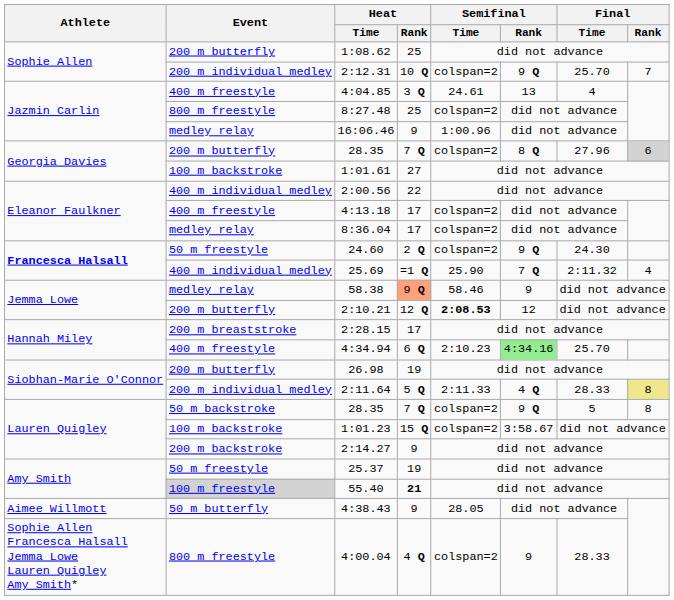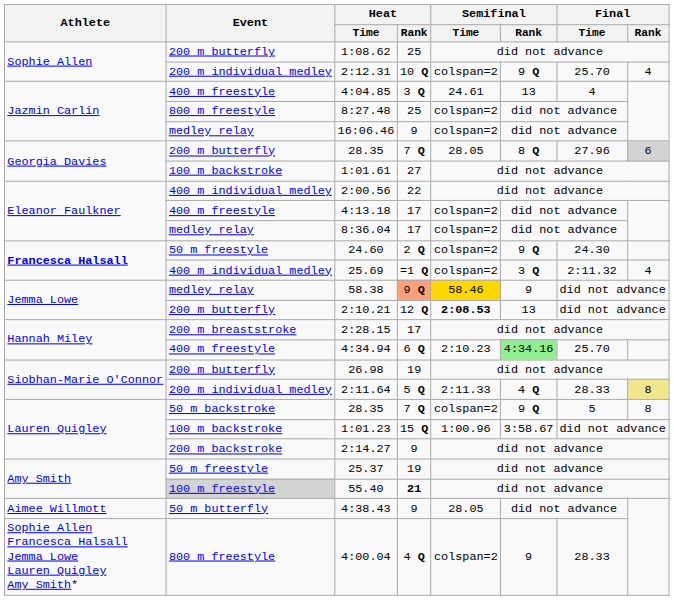 <table class=wikitable style="font-size:90%">
 <tr>
 <th rowspan="2">Athlete</th>
 <th rowspan="2">Event</th>
 <th colspan="2">Heat</th>
 <th colspan="2">Semifinal</th>
 <th colspan="2">Final</th>
 </tr>
 <tr style="font-size:95%">
 <th>Time</th>
 <th>Rank</th>
 <th>Time</th>
 <th>Rank</th>
 <th>Time</th>
 <th>Rank</th>
 </tr>
 <tr align=center>
 <td align=left rowspan=2><a href='#'>Sophie Allen</a></td>
 <td align=left><a href='#'>200 m butterfly</a></td>
 <td>1:08.62</td>
 <td>25</td>
 <td colspan=4>did not advance</td>
 </tr>
 <tr align=center>
 <td align=left><a href='#'>200 m individual medley</a></td>
 <td>2:12.31</td>
 <td>10 <strong>Q</strong></td>
 <td>colspan=2 </td>
 <td>9 <strong>Q</strong></td>
 <td>25.70</td>
-<td>7</td>
+<td>4</td>
 </tr>
 <tr align=center>
 <td align=left rowspan=3><a href='#'>Jazmin Carlin</a></td>
 <td align=left><a href='#'>400 m freestyle</a></td>
 <td>4:04.85</td>
 <td>3 <strong>Q</strong></td>
 <td>24.61</td>
 <td>13</td>
 <td>4</td>
 </tr>
 <tr align=center>
 <td align=left><a href='#'>800 m freestyle</a></td>
 <td>8:27.48</td>
 <td>25</td>
 <td>colspan=2 </td>
 <td colspan=2>did not advance</td>
 </tr>
 <tr align=center>
 <td align=left><a href='#'> medley relay</a></td>
 <td>16:06.46</td>
 <td>9</td>
-<td>1:00.96</td>
+<td>colspan=2 </td>
 <td colspan=2>did not advance</td>
 </tr>
 <tr align=center>
 <td align=left rowspan=2><a href='#'>Georgia Davies</a></td>
 <td align=left><a href='#'>200 m butterfly</a></td>
 <td>28.35</td>
 <td>7 <strong>Q</strong></td>
-<td>colspan=2 </td>
+<td>28.05</td>
 <td>8 <strong>Q</strong></td>
 <td>27.96</td>
 <td style="background: lightgrey;">6</td>
 </tr>
 <tr align=center>
 <td align=left><a href='#'>100 m backstroke</a></td>
 <td>1:01.61</td>
 <td>27</td>
 <td colspan=4>did not advance</td>
 </tr>
 <tr align=center>
 <td align=left rowspan=3><a href='#'>Eleanor Faulkner</a></td>
 <td align=left><a href='#'>400 m individual medley</a></td>
 <td>2:00.56</td>
 <td>22</td>
 <td colspan=4>did not advance</td>
 </tr>
 <tr align=center>
 <td align=left><a href='#'>400 m freestyle</a></td>
 <td>4:13.18</td>
 <td>17</td>
 <td>colspan=2 </td>
 <td colspan=2>did not advance</td>
 </tr>
 <tr align=center>
 <td align=left><a href='#'> medley relay</a></td>
 <td>8:36.04</td>
 <td>17</td>
 <td>colspan=2 </td>
 <td colspan=2>did not advance</td>
 </tr>
 <tr align=center>
 <td align=left rowspan=2><strong><a href='#'>Francesca Halsall</a></strong></td>
 <td align=left><a href='#'>50 m freestyle</a></td>
 <td>24.60</td>
 <td>2 <strong>Q</strong></td>
 <td>colspan=2 </td>
 <td>9 <strong>Q</strong></td>
 <td>24.30</td>
 <td></td>
 </tr>
 <tr align=center>
 <td align=left><a href='#'>400 m individual medley</a></td>
 <td>25.69</td>
 <td>=1 <strong>Q</strong></td>
-<td>25.90</td>
-<td>7 <strong>Q</strong></td>
+<td>colspan=2 </td>
+<td>3 <strong>Q</strong></td>
 <td>2:11.32</td>
 <td>4</td>
 </tr>
 <tr align=center>
 <td align=left rowspan=2><a href='#'>Jemma Lowe</a></td>
 <td align=left><a href='#'> medley relay</a></td>
 <td>58.38</td>
 <td style="background: lightsalmon;">9 <strong>Q</strong></td>
-<td>58.46</td>
+<td style="background: gold;">58.46</td>
 <td>9</td>
 <td colspan=2>did not advance</td>
 </tr>
 <tr align=center>
 <td align=left><a href='#'>200 m butterfly</a></td>
 <td>2:10.21</td>
 <td>12 <strong>Q</strong></td>
 <td><strong>2:08.53</strong></td>
-<td>12</td>
+<td>13</td>
 <td colspan=2>did not advance</td>
 </tr>
 <tr align=center>
 <td align=left rowspan=2><a href='#'>Hannah Miley</a></td>
 <td align=left><a href='#'>200 m breaststroke</a></td>
 <td>2:28.15</td>
 <td>17</td>
 <td colspan=4>did not advance</td>
 </tr>
 <tr align=center>
 <td align=left><a href='#'>400 m freestyle</a></td>
 <td>4:34.94</td>
 <td>6 <strong>Q</strong></td>
 <td>2:10.23</td>
 <td style="background: lightgreen;">4:34.16</td>
 <td>25.70</td>
 </tr>
 <tr align=center>
 <td align=left rowspan=2><a href='#'>Siobhan-Marie O'Connor</a></td>
 <td align=left><a href='#'>200 m butterfly</a></td>
 <td>26.98</td>
 <td>19</td>
 <td colspan=4>did not advance</td>
 </tr>
 <tr align=center>
 <td align=left><a href='#'>200 m individual medley</a></td>
 <td>2:11.64</td>
 <td>5 <strong>Q</strong></td>
 <td>2:11.33</td>
 <td>4 <strong>Q</strong></td>
 <td>28.33</td>
 <td style="background: khaki;">8</td>
 </tr>
 <tr align=center>
 <td align=left rowspan=3><a href='#'>Lauren Quigley</a></td>
 <td align=left><a href='#'>50 m backstroke</a></td>
 <td>28.35</td>
 <td>7 <strong>Q</strong></td>
 <td>colspan=2 </td>
 <td>9 <strong>Q</strong></td>
 <td>5</td>
 <td>8</td>
 </tr>
 <tr align=center>
 <td align=left><a href='#'>100 m backstroke</a></td>
 <td>1:01.23</td>
 <td>15 <strong>Q</strong></td>
-<td>colspan=2 </td>
+<td>1:00.96</td>
 <td>3:58.67</td>
 <td colspan=2>did not advance</td>
 </tr>
 <tr align=center>
 <td align=left><a href='#'>200 m backstroke</a></td>
 <td>2:14.27</td>
 <td>9</td>
 <td colspan=4>did not advance</td>
 </tr>
 <tr align=center>
 <td align=left rowspan=2><a href='#'>Amy Smith</a></td>
 <td align=left><a href='#'>50 m freestyle</a></td>
 <td>25.37</td>
 <td>19</td>
 <td colspan=4>did not advance</td>
 </tr>
 <tr align=center>
 <td align=left style="background: lightgrey;"><a href='#'>100 m freestyle</a></td>
 <td>55.40</td>
 <td><strong>21</strong></td>
 <td colspan=4>did not advance</td>
 </tr>
 <tr align=center>
 <td align=left><a href='#'>Aimee Willmott</a></td>
 <td align=left><a href='#'>50 m butterfly</a></td>
 <td>4:38.43</td>
 <td>9</td>
 <td>28.05</td>
 <td colspan=2>did not advance</td>
 </tr>
 <tr align=center>
 <td align=left><a href='#'>Sophie Allen</a><br><a href='#'>Francesca Halsall</a><br><a href='#'>Jemma Lowe</a><br><a href='#'>Lauren Quigley</a><br><a href='#'>Amy Smith</a>*</td>
 <td align=left><a href='#'>800 m freestyle</a></td>
 <td>4:00.04</td>
 <td>4 <strong>Q</strong></td>
 <td>colspan=2 </td>
 <td>9</td>
 <td>28.33</td>
 </tr>
 </table>
